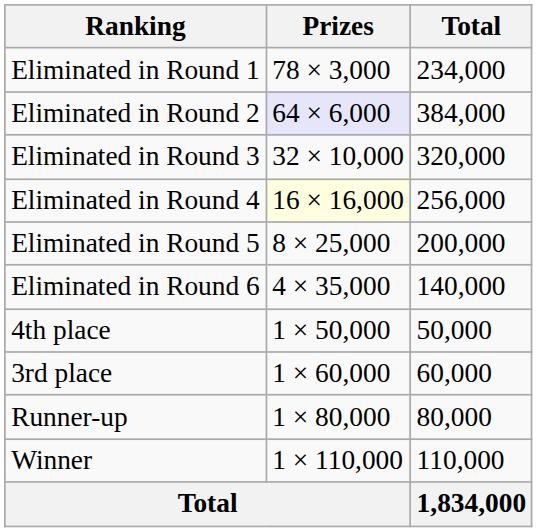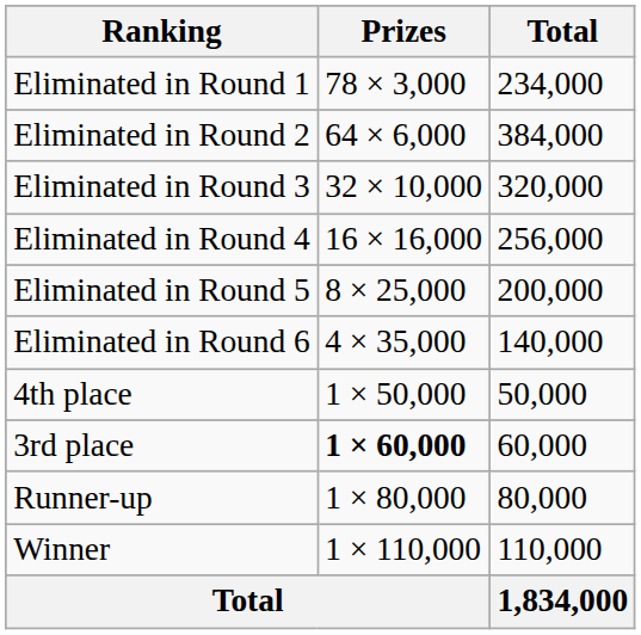 <table class="wikitable">
 <tr>
 <th>Ranking</th>
 <th>Prizes</th>
 <th>Total</th>
 </tr>
 <tr>
 <td><div>Eliminated in Round 1</div></td>
 <td><div>78 × 3,000</div></td>
 <td><div>234,000</div></td>
 </tr>
 <tr>
 <td><div>Eliminated in Round 2</div></td>
-<td style="background: lavender;"><div>64 × 6,000</div></td>
+<td><div>64 × 6,000</div></td>
 <td><div>384,000</div></td>
 </tr>
 <tr>
 <td><div>Eliminated in Round 3</div></td>
 <td><div>32 × 10,000</div></td>
 <td><div>320,000</div></td>
 </tr>
 <tr>
 <td><div>Eliminated in Round 4</div></td>
-<td style="background: lightyellow;"><div>16 × 16,000</div></td>
+<td><div>16 × 16,000</div></td>
 <td><div>256,000</div></td>
 </tr>
 <tr>
 <td><div>Eliminated in Round 5</div></td>
 <td><div>8 × 25,000</div></td>
 <td><div>200,000</div></td>
 </tr>
 <tr>
 <td><div>Eliminated in Round 6</div></td>
 <td><div>4 × 35,000</div></td>
 <td><div>140,000</div></td>
 </tr>
 <tr>
 <td><div>4th place</div></td>
 <td><div>1 × 50,000</div></td>
 <td><div>50,000</div></td>
 </tr>
 <tr>
 <td><div>3rd place</div></td>
-<td><div>1 × 60,000</div></td>
+<td><strong><div>1 × 60,000</div></strong></td>
 <td><div>60,000</div></td>
 </tr>
 <tr>
 <td><div>Runner-up</div></td>
 <td><div>1 × 80,000</div></td>
 <td><div>80,000</div></td>
 </tr>
 <tr>
 <td><div>Winner</div></td>
 <td><div>1 × 110,000</div></td>
 <td><div>110,000</div></td>
 </tr>
 <tr>
 <th colspan="2">Total</th>
 <th><div>1,834,000</div></th>
 </tr>
 </table>
